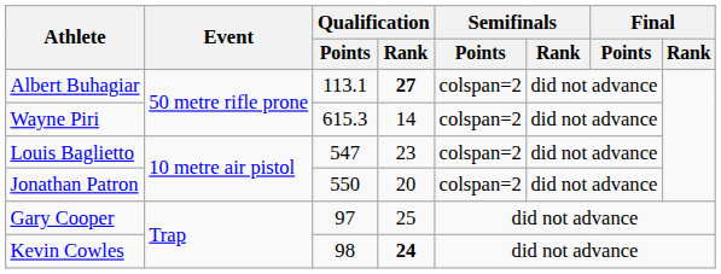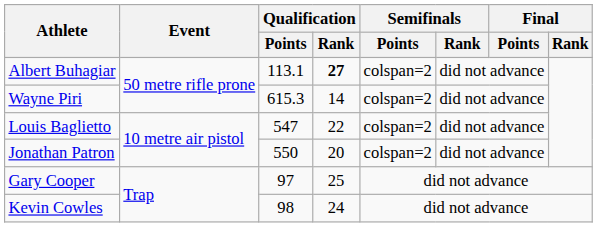 <table class="wikitable" style="font-size:90%">
 <tr>
 <th rowspan=2>Athlete</th>
 <th rowspan=2>Event</th>
 <th colspan=2>Qualification</th>
 <th colspan=2>Semifinals</th>
 <th colspan=2>Final</th>
 </tr>
 <tr style="font-size:95%">
 <th>Points</th>
 <th>Rank</th>
 <th>Points</th>
 <th>Rank</th>
 <th>Points</th>
 <th>Rank</th>
 </tr>
 <tr align=center>
 <td align=left><a href='#'>Albert Buhagiar</a></td>
 <td align=left rowspan="2"><a href='#'>50 metre rifle prone</a></td>
 <td>113.1</td>
 <td><strong>27</strong></td>
 <td>colspan=2 </td>
 <td colspan=2>did not advance</td>
 </tr>
 <tr align=center>
 <td align=left><a href='#'>Wayne Piri</a></td>
 <td>615.3</td>
 <td>14</td>
 <td>colspan=2 </td>
 <td colspan=2>did not advance</td>
 </tr>
 <tr align=center>
 <td align=left><a href='#'>Louis Baglietto</a></td>
 <td align=left rowspan="2"><a href='#'>10 metre air pistol</a></td>
 <td>547</td>
-<td>23</td>
+<td>22</td>
 <td>colspan=2 </td>
 <td colspan=2>did not advance</td>
 </tr>
 <tr align=center>
 <td align=left><a href='#'>Jonathan Patron</a></td>
 <td>550</td>
 <td>20</td>
 <td>colspan=2 </td>
 <td colspan=2>did not advance</td>
 </tr>
 <tr align=center>
 <td align=left><a href='#'>Gary Cooper</a></td>
 <td align=left rowspan="2"><a href='#'>Trap</a></td>
 <td>97</td>
 <td>25</td>
 <td colspan=4>did not advance</td>
 </tr>
 <tr align=center>
 <td align=left><a href='#'>Kevin Cowles</a></td>
 <td>98</td>
-<td><strong>24</strong></td>
+<td>24</td>
 <td colspan=4>did not advance</td>
 </tr>
 </table>
